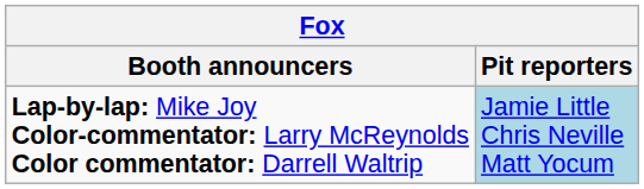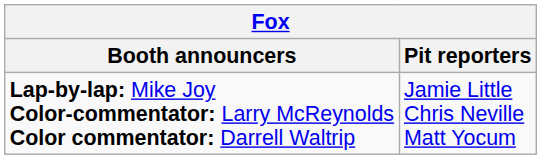 <table class="wikitable" style="font-size: 95%;">
 <tr>
 <th colspan="2"><a href='#'>Fox</a></th>
 </tr>
 <tr>
 <th>Booth announcers</th>
 <th>Pit reporters</th>
 </tr>
 <tr>
 <td><strong>Lap-by-lap:</strong> <a href='#'>Mike Joy</a><br><strong>Color-commentator:</strong> <a href='#'>Larry McReynolds</a><br><strong>Color commentator:</strong> <a href='#'>Darrell Waltrip</a></td>
-<td style="background: lightblue;"><a href='#'>Jamie Little</a><br><a href='#'>Chris Neville</a><br><a href='#'>Matt Yocum</a></td>
+<td><a href='#'>Jamie Little</a><br><a href='#'>Chris Neville</a><br><a href='#'>Matt Yocum</a></td>
 </tr>
 </table>
